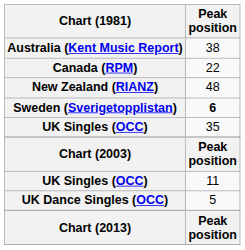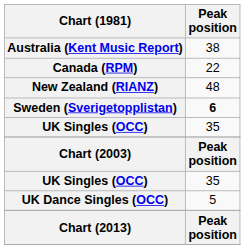 <table class="wikitable sortable plainrowheaders">
 <tr>
 <th scope="col">Chart (1981)</th>
 <th scope="col">Peak<br>position</th>
 </tr>
 <tr>
 <th scope="row">Australia (<a href='#'>Kent Music Report</a>)</th>
 <td style="text-align:center;">38</td>
 </tr>
 <tr>
 <th scope="row">Canada (<a href='#'>RPM</a>)</th>
 <td style="text-align:center;">22</td>
 </tr>
 <tr>
 <th scope="row">New Zealand (<a href='#'>RIANZ</a>)</th>
 <td style="text-align:center;">48</td>
 </tr>
 <tr>
 <th scope="row">Sweden (<a href='#'>Sverigetopplistan</a>)</th>
 <td style="text-align:center;"><strong>6</strong></td>
 </tr>
 <tr>
 <th scope="row">UK Singles (<a href='#'>OCC</a>)</th>
 <td style="text-align:center;">35</td>
 </tr>
 <tr>
 </tr>
 <tr>
 </tr>
 <tr>
 <th scope="col">Chart (2003)</th>
 <th scope="col">Peak<br>position</th>
 </tr>
 <tr>
 <th scope="row">UK Singles (<a href='#'>OCC</a>)</th>
-<td style="text-align:center;">11</td>
+<td style="text-align:center;">35</td>
 </tr>
 <tr>
 <th scope="row">UK Dance Singles (<a href='#'>OCC</a>)</th>
 <td style="text-align:center;">5</td>
 </tr>
 <tr>
 </tr>
 <tr>
 <th scope="col">Chart (2013)</th>
 <th scope="col">Peak<br>position</th>
 </tr>
 <tr>
 </tr>
 <tr>
 </tr>
 </table>
